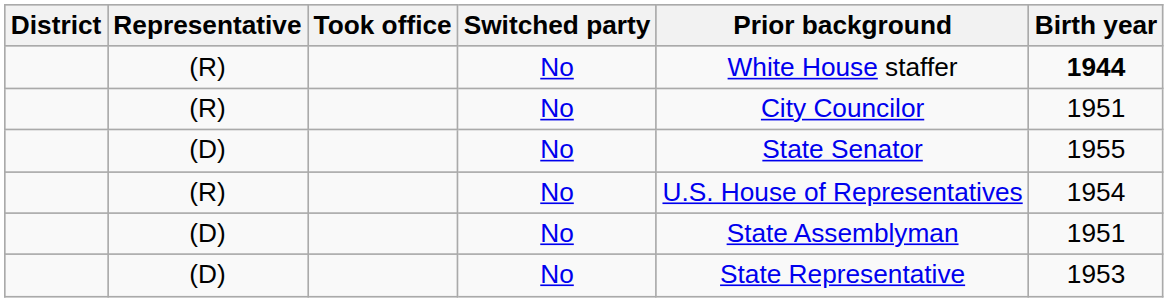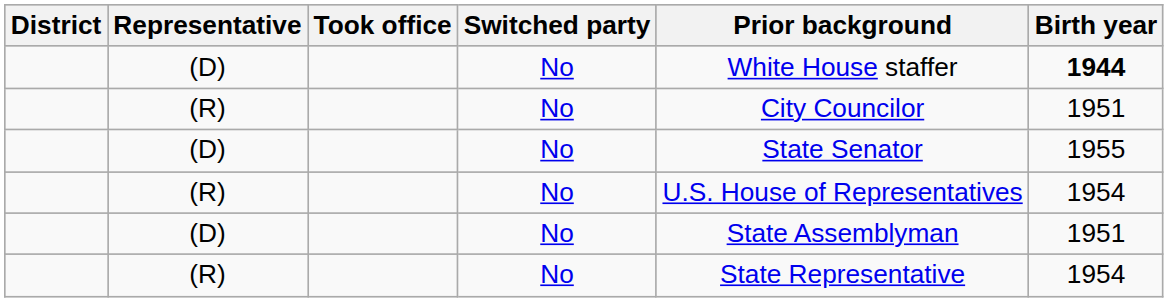 <table class="sortable wikitable" style="text-align:center">
 <tr>
 <th>District</th>
 <th>Representative</th>
 <th>Took office</th>
 <th>Switched party</th>
 <th>Prior background</th>
 <th>Birth year</th>
 </tr>
 <tr>
 <td></td>
-<td> (R)</td>
+<td> (D)</td>
 <td></td>
 <td><a href='#'>No</a></td>
 <td><a href='#'>White House</a> staffer</td>
 <td><strong>1944</strong></td>
 </tr>
 <tr>
 <td></td>
 <td> (R)</td>
 <td></td>
 <td><a href='#'>No</a></td>
 <td><a href='#'>City Councilor</a></td>
 <td>1951</td>
 </tr>
 <tr>
 <td></td>
 <td> (D)</td>
 <td></td>
 <td><a href='#'>No</a></td>
 <td><a href='#'>State Senator</a></td>
 <td>1955</td>
 </tr>
 <tr>
 <td></td>
 <td> (R)</td>
 <td></td>
 <td><a href='#'>No</a></td>
 <td><a href='#'>U.S. House of Representatives</a></td>
 <td>1954</td>
 </tr>
 <tr>
 <td></td>
 <td> (D)</td>
 <td></td>
 <td><a href='#'>No</a></td>
 <td><a href='#'>State Assemblyman</a></td>
 <td>1951</td>
 </tr>
 <tr>
 <td></td>
-<td> (D)</td>
+<td> (R)</td>
 <td></td>
 <td><a href='#'>No</a></td>
 <td><a href='#'>State Representative</a></td>
-<td>1953</td>
+<td>1954</td>
 </tr>
 </table>
